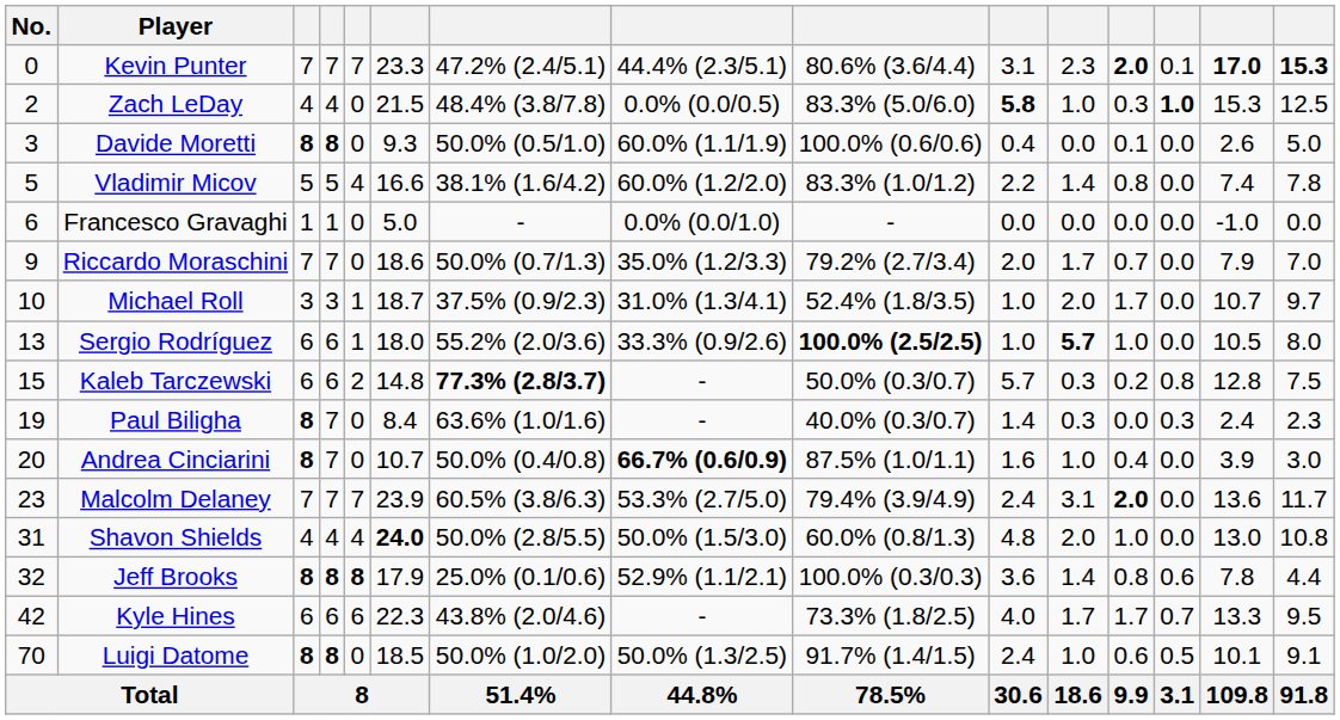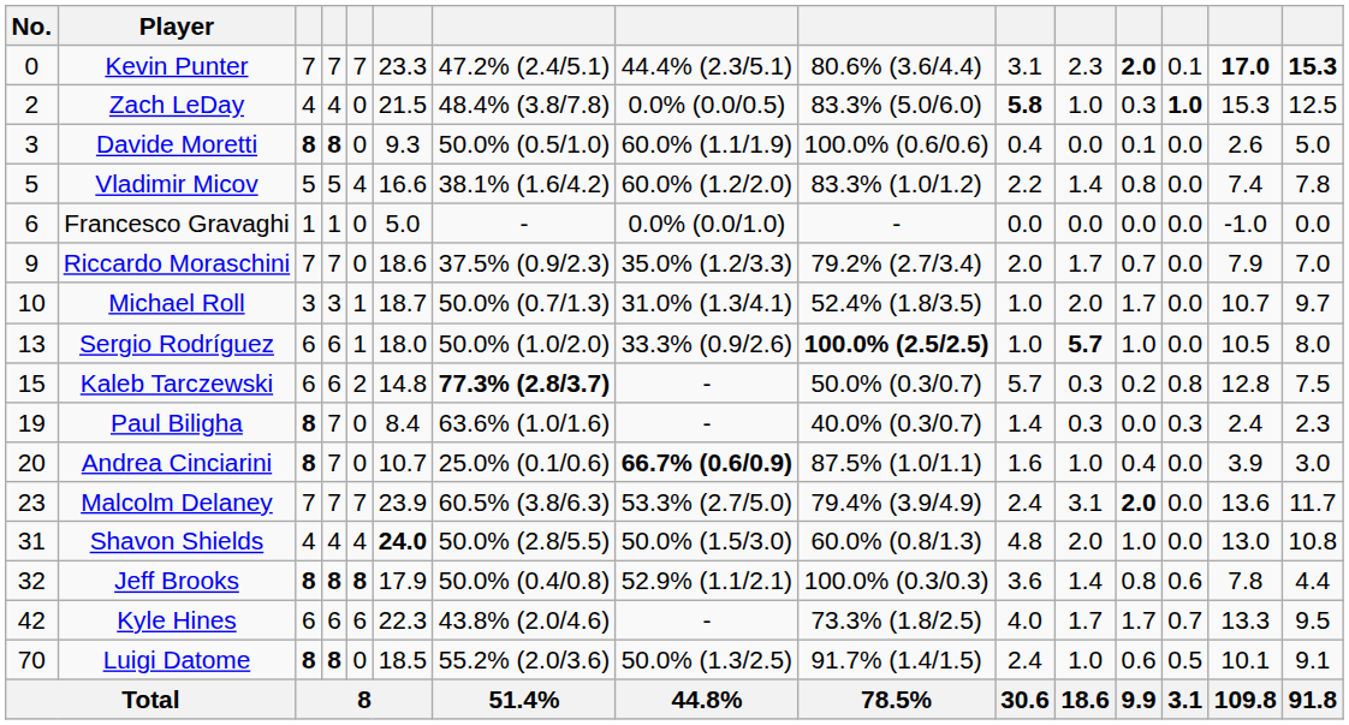 <table class="wikitable sortable" style="text-align:center; font-size:95%">
 <tr>
 <th>No.</th>
 <th>Player</th>
 <th></th>
 <th></th>
 <th></th>
 <th></th>
 <th></th>
 <th></th>
 <th></th>
 <th></th>
 <th></th>
 <th></th>
 <th></th>
 <th></th>
 <th></th>
 </tr>
 <tr>
 <td>0</td>
 <td><a href='#'>Kevin Punter</a></td>
 <td>7</td>
 <td>7</td>
 <td>7</td>
 <td>23.3</td>
 <td>47.2% (2.4/5.1)</td>
 <td>44.4% (2.3/5.1)</td>
 <td>80.6% (3.6/4.4)</td>
 <td>3.1</td>
 <td>2.3</td>
 <td><strong>2.0</strong></td>
 <td>0.1</td>
 <td><strong>17.0</strong></td>
 <td><strong>15.3</strong></td>
 </tr>
 <tr>
 <td>2</td>
 <td><a href='#'>Zach LeDay</a></td>
 <td>4</td>
 <td>4</td>
 <td>0</td>
 <td>21.5</td>
 <td>48.4% (3.8/7.8)</td>
 <td>0.0% (0.0/0.5)</td>
 <td>83.3% (5.0/6.0)</td>
 <td><strong>5.8</strong></td>
 <td>1.0</td>
 <td>0.3</td>
 <td><strong>1.0</strong></td>
 <td>15.3</td>
 <td>12.5</td>
 </tr>
 <tr>
 <td>3</td>
 <td><a href='#'>Davide Moretti</a></td>
 <td><strong>8</strong></td>
 <td><strong>8</strong></td>
 <td>0</td>
 <td>9.3</td>
 <td>50.0% (0.5/1.0)</td>
 <td>60.0% (1.1/1.9)</td>
 <td>100.0% (0.6/0.6)</td>
 <td>0.4</td>
 <td>0.0</td>
 <td>0.1</td>
 <td>0.0</td>
 <td>2.6</td>
 <td>5.0</td>
 </tr>
 <tr>
 <td>5</td>
 <td><a href='#'>Vladimir Micov</a></td>
 <td>5</td>
 <td>5</td>
 <td>4</td>
 <td>16.6</td>
 <td>38.1% (1.6/4.2)</td>
 <td>60.0% (1.2/2.0)</td>
 <td>83.3% (1.0/1.2)</td>
 <td>2.2</td>
 <td>1.4</td>
 <td>0.8</td>
 <td>0.0</td>
 <td>7.4</td>
 <td>7.8</td>
 </tr>
 <tr>
 <td>6</td>
 <td>Francesco Gravaghi</td>
 <td>1</td>
 <td>1</td>
 <td>0</td>
 <td>5.0</td>
 <td>-</td>
 <td>0.0% (0.0/1.0)</td>
 <td>-</td>
 <td>0.0</td>
 <td>0.0</td>
 <td>0.0</td>
 <td>0.0</td>
 <td>-1.0</td>
 <td>0.0</td>
 </tr>
 <tr>
 <td>9</td>
 <td><a href='#'>Riccardo Moraschini</a></td>
 <td>7</td>
 <td>7</td>
 <td>0</td>
 <td>18.6</td>
-<td>50.0% (0.7/1.3)</td>
+<td>37.5% (0.9/2.3)</td>
 <td>35.0% (1.2/3.3)</td>
 <td>79.2% (2.7/3.4)</td>
 <td>2.0</td>
 <td>1.7</td>
 <td>0.7</td>
 <td>0.0</td>
 <td>7.9</td>
 <td>7.0</td>
 </tr>
 <tr>
 <td>10</td>
 <td><a href='#'>Michael Roll</a></td>
 <td>3</td>
 <td>3</td>
 <td>1</td>
 <td>18.7</td>
-<td>37.5% (0.9/2.3)</td>
+<td>50.0% (0.7/1.3)</td>
 <td>31.0% (1.3/4.1)</td>
 <td>52.4% (1.8/3.5)</td>
 <td>1.0</td>
 <td>2.0</td>
 <td>1.7</td>
 <td>0.0</td>
 <td>10.7</td>
 <td>9.7</td>
 </tr>
 <tr>
 <td>13</td>
 <td><a href='#'>Sergio Rodríguez</a></td>
 <td>6</td>
 <td>6</td>
 <td>1</td>
 <td>18.0</td>
-<td>55.2% (2.0/3.6)</td>
+<td>50.0% (1.0/2.0)</td>
 <td>33.3% (0.9/2.6)</td>
 <td><strong>100.0% (2.5/2.5)</strong></td>
 <td>1.0</td>
 <td><strong>5.7</strong></td>
 <td>1.0</td>
 <td>0.0</td>
 <td>10.5</td>
 <td>8.0</td>
 </tr>
 <tr>
 <td>15</td>
 <td><a href='#'>Kaleb Tarczewski</a></td>
 <td>6</td>
 <td>6</td>
 <td>2</td>
 <td>14.8</td>
 <td><strong>77.3% (2.8/3.7)</strong></td>
 <td>-</td>
 <td>50.0% (0.3/0.7)</td>
 <td>5.7</td>
 <td>0.3</td>
 <td>0.2</td>
 <td>0.8</td>
 <td>12.8</td>
 <td>7.5</td>
 </tr>
 <tr>
 <td>19</td>
 <td><a href='#'>Paul Biligha</a></td>
 <td><strong>8</strong></td>
 <td>7</td>
 <td>0</td>
 <td>8.4</td>
 <td>63.6% (1.0/1.6)</td>
 <td>-</td>
 <td>40.0% (0.3/0.7)</td>
 <td>1.4</td>
 <td>0.3</td>
 <td>0.0</td>
 <td>0.3</td>
 <td>2.4</td>
 <td>2.3</td>
 </tr>
 <tr>
 <td>20</td>
 <td><a href='#'>Andrea Cinciarini</a></td>
 <td><strong>8</strong></td>
 <td>7</td>
 <td>0</td>
 <td>10.7</td>
-<td>50.0% (0.4/0.8)</td>
+<td>25.0% (0.1/0.6)</td>
 <td><strong>66.7% (0.6/0.9)</strong></td>
 <td>87.5% (1.0/1.1)</td>
 <td>1.6</td>
 <td>1.0</td>
 <td>0.4</td>
 <td>0.0</td>
 <td>3.9</td>
 <td>3.0</td>
 </tr>
 <tr>
 <td>23</td>
 <td><a href='#'>Malcolm Delaney</a></td>
 <td>7</td>
 <td>7</td>
 <td>7</td>
 <td>23.9</td>
 <td>60.5% (3.8/6.3)</td>
 <td>53.3% (2.7/5.0)</td>
 <td>79.4% (3.9/4.9)</td>
 <td>2.4</td>
 <td>3.1</td>
 <td><strong>2.0</strong></td>
 <td>0.0</td>
 <td>13.6</td>
 <td>11.7</td>
 </tr>
 <tr>
 <td>31</td>
 <td><a href='#'>Shavon Shields</a></td>
 <td>4</td>
 <td>4</td>
 <td>4</td>
 <td><strong>24.0</strong></td>
 <td>50.0% (2.8/5.5)</td>
 <td>50.0% (1.5/3.0)</td>
 <td>60.0% (0.8/1.3)</td>
 <td>4.8</td>
 <td>2.0</td>
 <td>1.0</td>
 <td>0.0</td>
 <td>13.0</td>
 <td>10.8</td>
 </tr>
 <tr>
 <td>32</td>
 <td><a href='#'>Jeff Brooks</a></td>
 <td><strong>8</strong></td>
 <td><strong>8</strong></td>
 <td><strong>8</strong></td>
 <td>17.9</td>
-<td>25.0% (0.1/0.6)</td>
+<td>50.0% (0.4/0.8)</td>
 <td>52.9% (1.1/2.1)</td>
 <td>100.0% (0.3/0.3)</td>
 <td>3.6</td>
 <td>1.4</td>
 <td>0.8</td>
 <td>0.6</td>
 <td>7.8</td>
 <td>4.4</td>
 </tr>
 <tr>
 <td>42</td>
 <td><a href='#'>Kyle Hines</a></td>
 <td>6</td>
 <td>6</td>
 <td>6</td>
 <td>22.3</td>
 <td>43.8% (2.0/4.6)</td>
 <td>-</td>
 <td>73.3% (1.8/2.5)</td>
 <td>4.0</td>
 <td>1.7</td>
 <td>1.7</td>
 <td>0.7</td>
 <td>13.3</td>
 <td>9.5</td>
 </tr>
 <tr>
 <td>70</td>
 <td><a href='#'>Luigi Datome</a></td>
 <td><strong>8</strong></td>
 <td><strong>8</strong></td>
 <td>0</td>
 <td>18.5</td>
-<td>50.0% (1.0/2.0)</td>
+<td>55.2% (2.0/3.6)</td>
 <td>50.0% (1.3/2.5)</td>
 <td>91.7% (1.4/1.5)</td>
 <td>2.4</td>
 <td>1.0</td>
 <td>0.6</td>
 <td>0.5</td>
 <td>10.1</td>
 <td>9.1</td>
 </tr>
 <tr class="sortbottom">
 <th colspan=2>Total</th>
 <th colspan=4>8</th>
 <th>51.4%</th>
 <th>44.8%</th>
 <th>78.5%</th>
 <th>30.6</th>
 <th>18.6</th>
 <th>9.9</th>
 <th>3.1</th>
 <th>109.8</th>
 <th>91.8</th>
 </tr>
 </table>
